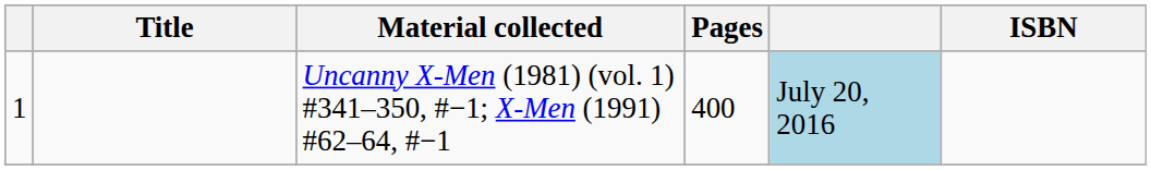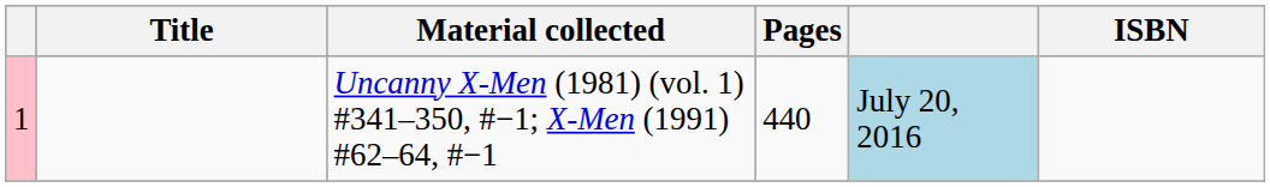 <table class="wikitable" style="text-align:left;" width="100%">
 <tr>
 <th width="2%"></th>
 <th width="23%">Title</th>
 <th>Material collected</th>
 <th width="5%">Pages</th>
 <th width="15%"></th>
 <th width="18%">ISBN</th>
 </tr>
 <tr>
-<td>1</td>
+<td style="background: pink;">1</td>
 <td><em></em></td>
 <td><em><a href='#'>Uncanny X-Men</a></em> (1981) (vol. 1) #341–350, #−1; <em><a href='#'>X-Men</a></em> (1991) #62–64, #−1</td>
-<td>400</td>
+<td>440</td>
 <td style="background: lightblue;">July 20, 2016</td>
 <td></td>
 </tr>
 </table>
